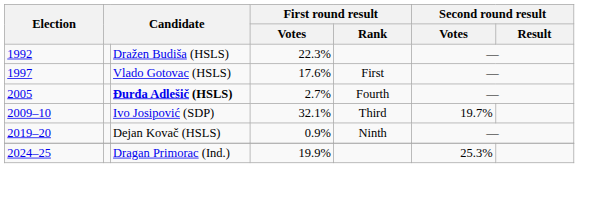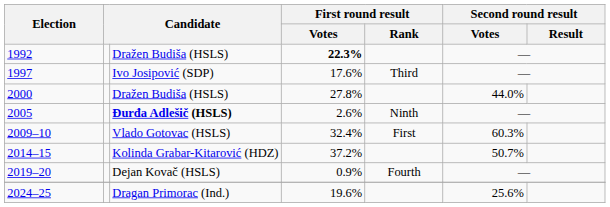 <table class="wikitable">
 <tr>
 <th width="120" rowspan="2">Election</th>
 <th width="180" rowspan="2" colspan=2>Candidate</th>
 <th width="200" colspan=2>First round result</th>
 <th width="200" colspan=2>Second round result</th>
 </tr>
 <tr>
 <th width="100">Votes</th>
 <th>Rank</th>
 <th width="100">Votes</th>
 <th>Result</th>
 </tr>
 <tr>
 <td><a href='#'>1992 </a></td>
 <td style="background-color: "></td>
 <td><a href='#'>Dražen Budiša</a> (HSLS)</td>
-<td align=right>22.3%</td>
+<td align=right><strong>22.3%</strong></td>
 <td></td>
 <td colspan=2 align=center>—</td>
 </tr>
 <tr align=left>
 <td><a href='#'>1997 </a></td>
 <td style="background-color: "></td>
-<td><a href='#'>Vlado Gotovac</a> (HSLS)</td>
+<td><a href='#'>Ivo Josipović</a> (SDP)</td>
 <td align=right>17.6%</td>
-<td align=center>First</td>
+<td align=center>Third</td>
 <td colspan=2 align=center>—</td>
+</tr>
+<tr align=left>
+<td><a href='#'>2000 </a></td>
+<td style="background-color: "></td>
+<td><a href='#'>Dražen Budiša</a> (HSLS)</td>
+<td align=right>27.8%</td>
+<td></td>
+<td align=right>44.0%</td>
+<td></td>
 </tr>
 <tr align=left>
 <td><a href='#'>2005 </a></td>
 <td style="background-color: "></td>
 <td><strong><a href='#'>Đurđa Adlešič</a> (HSLS)</strong></td>
-<td align=right>2.7%</td>
-<td align=center>Fourth</td>
+<td align=right>2.6%</td>
+<td align=center>Ninth</td>
 <td colspan=2 align=center>—</td>
 </tr>
 <tr align=left>
 <td><a href='#'>2009–10 </a></td>
 <td style="background-color: "></td>
-<td><a href='#'>Ivo Josipović</a> (SDP)</td>
-<td align=right>32.1%</td>
-<td align=center>Third</td>
-<td align=right>19.7%</td>
+<td><a href='#'>Vlado Gotovac</a> (HSLS)</td>
+<td align=right>32.4%</td>
+<td align=center>First</td>
+<td align=right>60.3%</td>
+<td></td>
+</tr>
+<tr align=left>
+<td><a href='#'>2014–15 </a></td>
+<td style="background-color: "></td>
+<td><a href='#'>Kolinda Grabar-Kitarović</a> (HDZ)</td>
+<td align=right>37.2%</td>
+<td></td>
+<td align=right>50.7%</td>
 <td></td>
 </tr>
 <tr>
 <td><a href='#'>2019–20 </a></td>
 <td style="background-color: "></td>
 <td>Dejan Kovač (HSLS)</td>
 <td align=right>0.9%</td>
-<td align=center>Ninth</td>
+<td align=center>Fourth</td>
 <td colspan=2 align=center>—</td>
 </tr>
 <tr align=left>
 </tr>
 <tr>
 <td><a href='#'>2024–25 </a></td>
 <td style="background-color: "></td>
 <td><a href='#'>Dragan Primorac</a> (Ind.)</td>
-<td align=right>19.9%</td>
+<td align=right>19.6%</td>
 <td></td>
-<td align=right>25.3%</td>
+<td align=right>25.6%</td>
 <td></td>
 </tr>
 </table>
